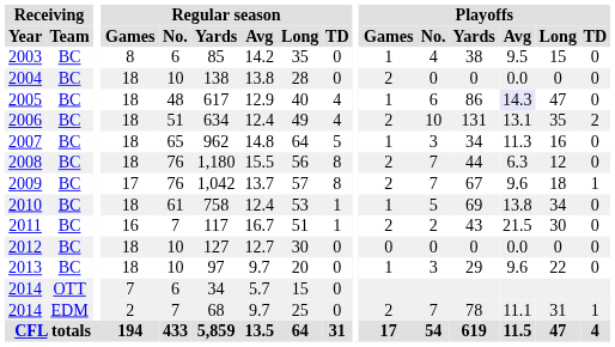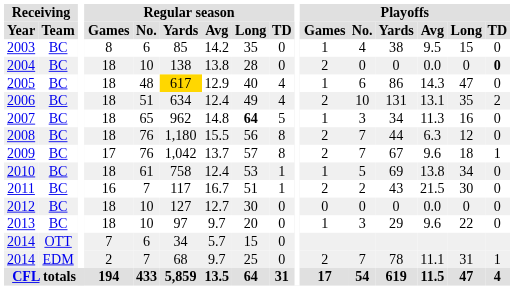 <table BORDER="0" CELLPADDING="1" CELLSPACING="0" width="65%" style="text-align:center">
 <tr bgcolor="#e0e0e0">
 <th colspan="2">Receiving</th>
 <th rowspan="99" bgcolor="#ffffff"> </th>
 <th colspan="6">Regular season</th>
 <th rowspan="99" bgcolor="#ffffff"> </th>
 <th colspan="6">Playoffs</th>
 </tr>
 <tr bgcolor="#e0e0e0">
 <th>Year</th>
 <th>Team</th>
 <th>Games</th>
 <th>No.</th>
 <th>Yards</th>
 <th>Avg</th>
 <th>Long</th>
 <th>TD</th>
 <th>Games</th>
 <th>No.</th>
 <th>Yards</th>
 <th>Avg</th>
 <th>Long</th>
 <th>TD</th>
 </tr>
 <tr ALIGN="center">
 <td><a href='#'>2003</a></td>
 <td><a href='#'>BC</a></td>
 <td>8</td>
 <td>6</td>
 <td>85</td>
 <td>14.2</td>
 <td>35</td>
 <td>0</td>
 <td>1</td>
 <td>4</td>
 <td>38</td>
 <td>9.5</td>
 <td>15</td>
 <td>0</td>
 </tr>
 <tr ALIGN="center" bgcolor="#f0f0f0">
 <td><a href='#'>2004</a></td>
 <td><a href='#'>BC</a></td>
 <td>18</td>
 <td>10</td>
 <td>138</td>
 <td>13.8</td>
 <td>28</td>
 <td>0</td>
 <td>2</td>
 <td>0</td>
 <td>0</td>
 <td>0.0</td>
 <td>0</td>
-<td>0</td>
+<td><strong>0</strong></td>
 </tr>
 <tr ALIGN="center">
 <td><a href='#'>2005</a></td>
 <td><a href='#'>BC</a></td>
 <td>18</td>
 <td>48</td>
-<td>617</td>
+<td style="background: gold;">617</td>
 <td>12.9</td>
 <td>40</td>
 <td>4</td>
 <td>1</td>
 <td>6</td>
 <td>86</td>
-<td style="background: lavender;">14.3</td>
+<td>14.3</td>
 <td>47</td>
 <td>0</td>
 </tr>
 <tr ALIGN="center" bgcolor="#f0f0f0">
 <td><a href='#'>2006</a></td>
 <td><a href='#'>BC</a></td>
 <td>18</td>
 <td>51</td>
 <td>634</td>
 <td>12.4</td>
 <td>49</td>
 <td>4</td>
 <td>2</td>
 <td>10</td>
 <td>131</td>
 <td>13.1</td>
 <td>35</td>
 <td>2</td>
 </tr>
 <tr ALIGN="center">
 <td><a href='#'>2007</a></td>
 <td><a href='#'>BC</a></td>
 <td>18</td>
 <td>65</td>
 <td>962</td>
 <td>14.8</td>
-<td>64</td>
+<td><strong>64</strong></td>
 <td>5</td>
 <td>1</td>
 <td>3</td>
 <td>34</td>
 <td>11.3</td>
 <td>16</td>
 <td>0</td>
 </tr>
 <tr ALIGN="center" bgcolor="#f0f0f0">
 <td><a href='#'>2008</a></td>
 <td><a href='#'>BC</a></td>
 <td>18</td>
 <td>76</td>
 <td>1,180</td>
 <td>15.5</td>
 <td>56</td>
 <td>8</td>
 <td>2</td>
 <td>7</td>
 <td>44</td>
 <td>6.3</td>
 <td>12</td>
 <td>0</td>
 </tr>
 <tr ALIGN="center">
 <td><a href='#'>2009</a></td>
 <td><a href='#'>BC</a></td>
 <td>17</td>
 <td>76</td>
 <td>1,042</td>
 <td>13.7</td>
 <td>57</td>
 <td>8</td>
 <td>2</td>
 <td>7</td>
 <td>67</td>
 <td>9.6</td>
 <td>18</td>
 <td>1</td>
 </tr>
 <tr ALIGN="center" bgcolor="#f0f0f0">
 <td><a href='#'>2010</a></td>
 <td><a href='#'>BC</a></td>
 <td>18</td>
 <td>61</td>
 <td>758</td>
 <td>12.4</td>
 <td>53</td>
 <td>1</td>
 <td>1</td>
 <td>5</td>
 <td>69</td>
 <td>13.8</td>
 <td>34</td>
 <td>0</td>
 </tr>
 <tr ALIGN="center">
 <td><a href='#'>2011</a></td>
 <td><a href='#'>BC</a></td>
 <td>16</td>
 <td>7</td>
 <td>117</td>
 <td>16.7</td>
 <td>51</td>
 <td>1</td>
 <td>2</td>
 <td>2</td>
 <td>43</td>
 <td>21.5</td>
 <td>30</td>
 <td>0</td>
 </tr>
 <tr ALIGN="center" bgcolor="#f0f0f0">
 <td><a href='#'>2012</a></td>
 <td><a href='#'>BC</a></td>
 <td>18</td>
 <td>10</td>
 <td>127</td>
 <td>12.7</td>
 <td>30</td>
 <td>0</td>
 <td>0</td>
 <td>0</td>
 <td>0</td>
 <td>0.0</td>
 <td>0</td>
 <td>0</td>
 </tr>
 <tr ALIGN="center">
 <td><a href='#'>2013</a></td>
 <td><a href='#'>BC</a></td>
 <td>18</td>
 <td>10</td>
 <td>97</td>
 <td>9.7</td>
 <td>20</td>
 <td>0</td>
 <td>1</td>
 <td>3</td>
 <td>29</td>
 <td>9.6</td>
 <td>22</td>
 <td>0</td>
 </tr>
 <tr ALIGN="center" bgcolor="#f0f0f0">
 <td><a href='#'>2014</a></td>
 <td><a href='#'>OTT</a></td>
 <td>7</td>
 <td>6</td>
 <td>34</td>
 <td>5.7</td>
 <td>15</td>
 <td>0</td>
 <td></td>
 <td></td>
 <td></td>
 <td></td>
 <td></td>
 <td></td>
 </tr>
 <tr ALIGN="center" bgcolor="#f0f0f0">
 <td><a href='#'>2014</a></td>
 <td><a href='#'>EDM</a></td>
 <td>2</td>
 <td>7</td>
 <td>68</td>
 <td>9.7</td>
 <td>25</td>
 <td>0</td>
 <td>2</td>
 <td>7</td>
 <td>78</td>
 <td>11.1</td>
 <td>31</td>
 <td>1</td>
 </tr>
 <tr bgcolor="#e0e0e0">
 <th colspan="3"><a href='#'>CFL</a> totals</th>
 <th>194</th>
 <th>433</th>
 <th>5,859</th>
 <th>13.5</th>
 <th>64</th>
 <th>31</th>
 <th>17</th>
 <th>54</th>
 <th>619</th>
 <th>11.5</th>
 <th>47</th>
 <th>4</th>
 </tr>
 </table>
